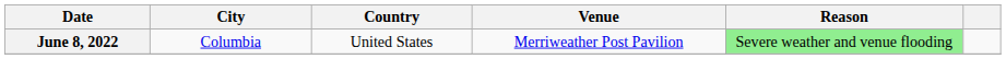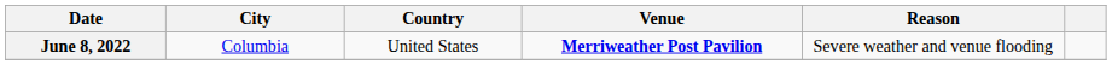 <table class="wikitable plainrowheaders" style="text-align:center;">
 <tr>
 <th scope="col" style="width:9em;">Date</th>
 <th scope="col" style="width:10em;">City</th>
 <th scope="col" style="width:10em;">Country</th>
 <th scope="col" style="width:16em;">Venue</th>
 <th scope="col" style="width:15em;">Reason</th>
 <th scope="col" style="width:2em;"></th>
 </tr>
 <tr>
 <th scope="row" style="text-align:center;">June 8, 2022</th>
 <td><a href='#'>Columbia</a></td>
 <td>United States</td>
-<td><a href='#'>Merriweather Post Pavilion</a></td>
-<td style="background: lightgreen;">Severe weather and venue flooding</td>
+<td><strong><a href='#'>Merriweather Post Pavilion</a></strong></td>
+<td>Severe weather and venue flooding</td>
 <td></td>
 </tr>
 <tr>
 </tr>
 </table>
